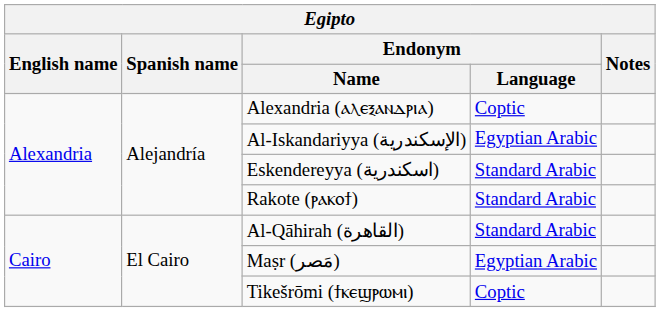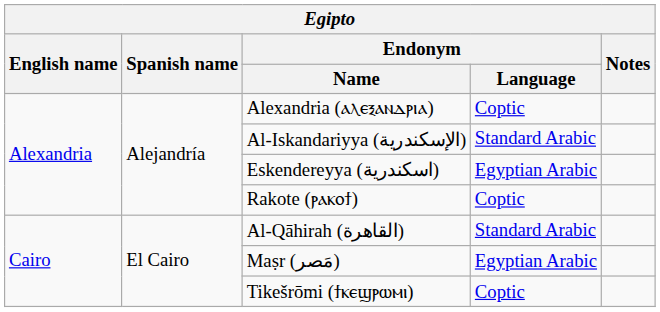 <table class="wikitable sortable">
 <tr>
 <th colspan="5"> <em>Egipto</em></th>
 </tr>
 <tr>
 <th rowspan="2">English name</th>
 <th rowspan="2">Spanish name</th>
 <th colspan="2">Endonym</th>
 <th rowspan="2">Notes</th>
 </tr>
 <tr>
 <th>Name</th>
 <th>Language</th>
 </tr>
 <tr>
 <td rowspan="4"><a href='#'>Alexandria</a></td>
 <td rowspan="4">Alejandría</td>
 <td>Alexandria (ⲁⲗⲉⲝⲁⲛⲇⲣⲓⲁ)</td>
 <td><a href='#'>Coptic</a></td>
 <td></td>
 </tr>
 <tr>
 <td>Al-Iskandariyya (الإسكندرية)</td>
+<td><a href='#'>Standard Arabic</a></td>
+<td></td>
+</tr>
+<tr>
+<td>Eskendereyya (اسكندرية)</td>
 <td><a href='#'>Egyptian Arabic</a></td>
 <td></td>
 </tr>
 <tr>
-<td>Eskendereyya (اسكندرية)</td>
-<td><a href='#'>Standard Arabic</a></td>
-<td></td>
-</tr>
-<tr>
 <td>Rakote (ⲣⲁⲕⲟϯ)</td>
-<td><a href='#'>Standard Arabic</a></td>
+<td><a href='#'>Coptic</a></td>
 <td></td>
 </tr>
 <tr>
 <td rowspan="3"><a href='#'>Cairo</a></td>
 <td rowspan="3">El Cairo</td>
 <td>Al-Qāhirah (القاهرة‎)</td>
 <td><a href='#'>Standard Arabic</a></td>
 <td></td>
 </tr>
 <tr>
 <td>Maṣr (مَصر‎)</td>
 <td><a href='#'>Egyptian Arabic</a></td>
 <td></td>
 </tr>
 <tr>
 <td>Tikešrōmi (ϯⲕⲉϣⲣⲱⲙⲓ)</td>
 <td><a href='#'>Coptic</a></td>
 <td></td>
 </tr>
 </table>
